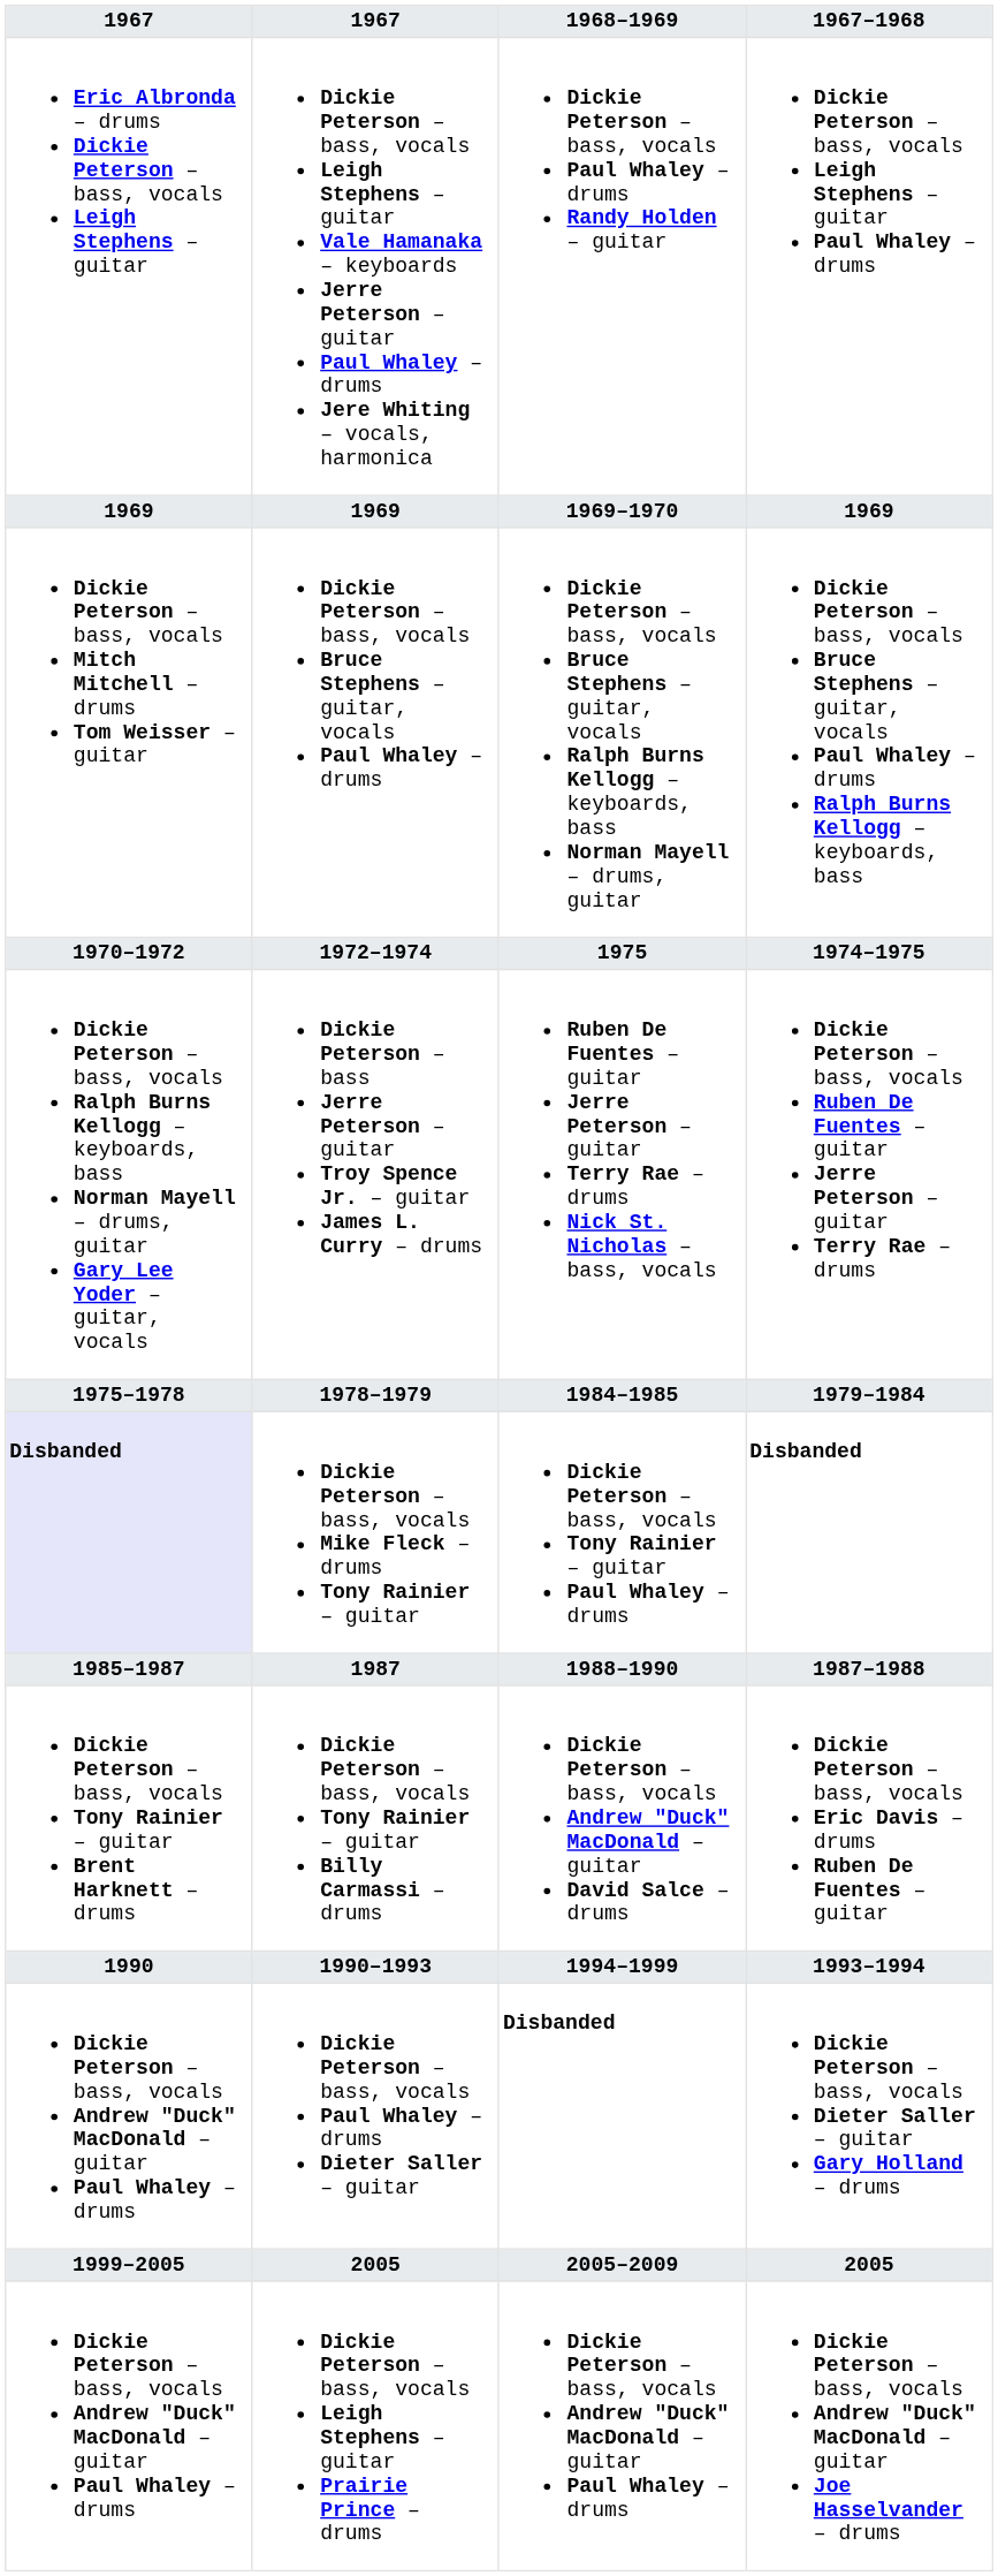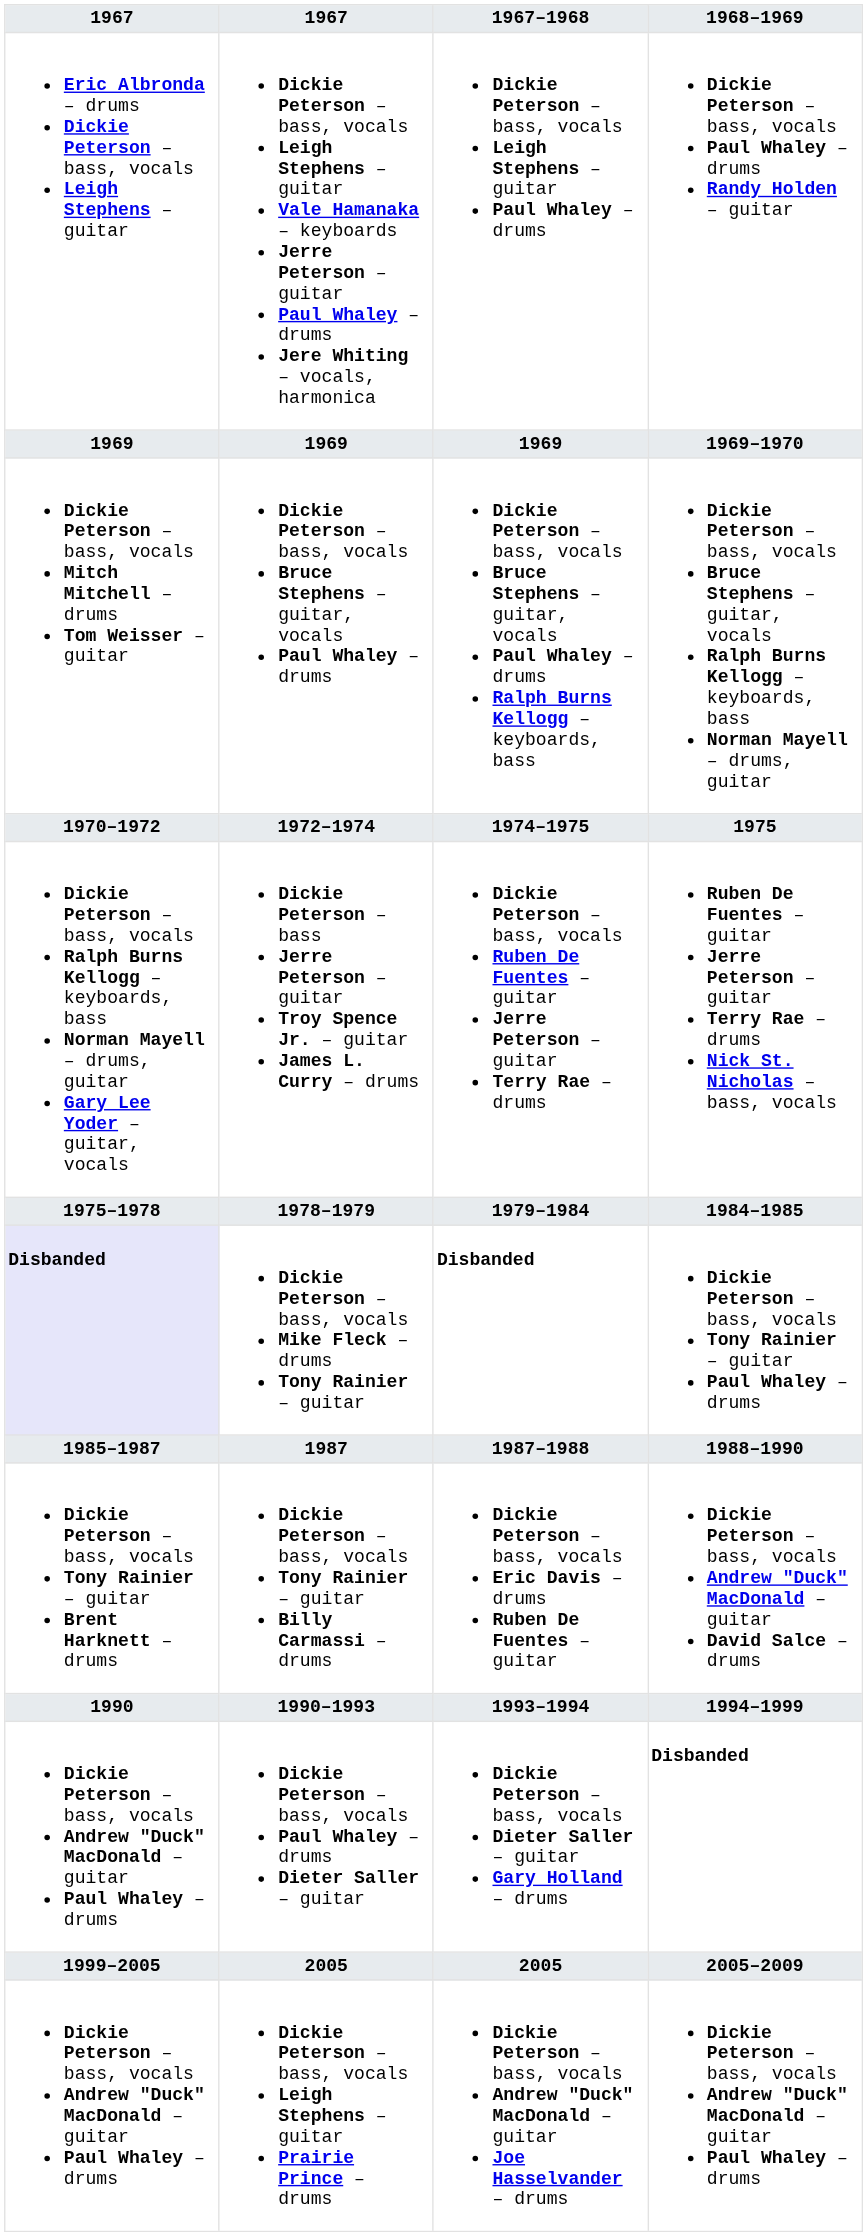 <table class="toccolours" border="1" cellpadding="2" cellspacing="0"  style="float:width:375px; margin:0 0 1em 1em; border-collapse:collapse; border:1px solid #e2e2e2; width:99%;">
 <tr>
 <th style="vertical-align:top; background:#e7ebee; width:25%;">1967</th>
 <th style="vertical-align:top; background:#e7ebee; width:25%;">1967</th>
+<th style="vertical-align:top; background:#e7ebee; width:25%;">1967–1968</th>
 <th style="vertical-align:top; background:#e7ebee; width:25%;">1968–1969</th>
-<th style="vertical-align:top; background:#e7ebee; width:25%;">1967–1968</th>
 </tr>
 <tr>
 <td valign=top><br><ul><li><strong><a href='#'>Eric Albronda</a></strong> – drums</li><li><strong><a href='#'>Dickie Peterson</a></strong> – bass, vocals</li><li><strong><a href='#'>Leigh Stephens</a></strong> – guitar</li></ul></td>
 <td valign=top><br><ul><li><strong>Dickie Peterson</strong> – bass, vocals</li><li><strong>Leigh Stephens</strong> – guitar</li><li><strong><a href='#'>Vale Hamanaka</a></strong> – keyboards</li><li><strong>Jerre Peterson</strong> – guitar</li><li><strong><a href='#'>Paul Whaley</a></strong> – drums</li><li><strong>Jere Whiting</strong> – vocals, harmonica</li></ul></td>
+<td valign=top><br><ul><li><strong>Dickie Peterson</strong> – bass, vocals</li><li><strong>Leigh Stephens</strong> – guitar</li><li><strong>Paul Whaley</strong> – drums</li></ul></td>
 <td valign=top><br><ul><li><strong>Dickie Peterson</strong> – bass, vocals</li><li><strong>Paul Whaley</strong> – drums</li><li><strong><a href='#'>Randy Holden</a></strong> – guitar</li></ul></td>
-<td valign=top><br><ul><li><strong>Dickie Peterson</strong> – bass, vocals</li><li><strong>Leigh Stephens</strong> – guitar</li><li><strong>Paul Whaley</strong> – drums</li></ul></td>
 </tr>
 <tr>
 <th style="vertical-align:top; background:#e7ebee; width:25%;">1969</th>
 <th style="vertical-align:top; background:#e7ebee; width:25%;">1969</th>
+<th style="vertical-align:top; background:#e7ebee; width:25%;">1969</th>
 <th style="vertical-align:top; background:#e7ebee; width:25%;">1969–1970</th>
-<th style="vertical-align:top; background:#e7ebee; width:25%;">1969</th>
 </tr>
 <tr>
 <td valign=top><br><ul><li><strong>Dickie Peterson</strong> – bass, vocals</li><li><strong>Mitch Mitchell</strong> – drums</li><li><strong>Tom Weisser</strong> – guitar</li></ul></td>
 <td valign=top><br><ul><li><strong>Dickie Peterson</strong> – bass, vocals</li><li><strong>Bruce Stephens</strong> – guitar, vocals</li><li><strong>Paul Whaley</strong> – drums</li></ul></td>
+<td valign=top><br><ul><li><strong>Dickie Peterson</strong> – bass, vocals</li><li><strong>Bruce Stephens</strong> – guitar, vocals</li><li><strong>Paul Whaley</strong> – drums</li><li><strong><a href='#'>Ralph Burns Kellogg</a></strong> – keyboards, bass</li></ul></td>
 <td valign=top><br><ul><li><strong>Dickie Peterson</strong> – bass, vocals</li><li><strong>Bruce Stephens</strong> – guitar, vocals</li><li><strong>Ralph Burns Kellogg</strong> – keyboards, bass</li><li><strong>Norman Mayell</strong> – drums, guitar</li></ul></td>
-<td valign=top><br><ul><li><strong>Dickie Peterson</strong> – bass, vocals</li><li><strong>Bruce Stephens</strong> – guitar, vocals</li><li><strong>Paul Whaley</strong> – drums</li><li><strong><a href='#'>Ralph Burns Kellogg</a></strong> – keyboards, bass</li></ul></td>
 </tr>
 <tr>
 <th style="vertical-align:top; background:#e7ebee; width:25%;">1970–1972</th>
 <th style="vertical-align:top; background:#e7ebee; width:25%;">1972–1974</th>
+<th style="vertical-align:top; background:#e7ebee; width:25%;">1974–1975</th>
 <th style="vertical-align:top; background:#e7ebee; width:25%;">1975</th>
-<th style="vertical-align:top; background:#e7ebee; width:25%;">1974–1975</th>
 </tr>
 <tr>
 <td valign=top><br><ul><li><strong>Dickie Peterson</strong> – bass, vocals</li><li><strong>Ralph Burns Kellogg</strong> – keyboards, bass</li><li><strong>Norman Mayell</strong> – drums, guitar</li><li><strong><a href='#'>Gary Lee Yoder</a></strong> – guitar, vocals</li></ul></td>
 <td valign=top><br><ul><li><strong>Dickie Peterson</strong> – bass</li><li><strong>Jerre Peterson</strong> – guitar</li><li><strong>Troy Spence Jr.</strong> – guitar</li><li><strong>James L. Curry</strong> – drums</li></ul></td>
+<td valign=top><br><ul><li><strong>Dickie Peterson</strong> – bass, vocals</li><li><strong><a href='#'>Ruben De Fuentes</a></strong> – guitar</li><li><strong>Jerre Peterson</strong> – guitar</li><li><strong>Terry Rae</strong> – drums</li></ul></td>
 <td valign=top><br><ul><li><strong>Ruben De Fuentes</strong> – guitar</li><li><strong>Jerre Peterson</strong> – guitar</li><li><strong>Terry Rae</strong> – drums</li><li><strong><a href='#'>Nick St. Nicholas</a></strong> – bass, vocals</li></ul></td>
-<td valign=top><br><ul><li><strong>Dickie Peterson</strong> – bass, vocals</li><li><strong><a href='#'>Ruben De Fuentes</a></strong> – guitar</li><li><strong>Jerre Peterson</strong> – guitar</li><li><strong>Terry Rae</strong> – drums</li></ul></td>
 </tr>
 <tr>
 <th style="vertical-align:top; background:#e7ebee; width:25%;">1975–1978</th>
 <th style="vertical-align:top; background:#e7ebee; width:25%;">1978–1979</th>
+<th style="vertical-align:top; background:#e7ebee; width:25%;">1979–1984</th>
 <th style="vertical-align:top; background:#e7ebee; width:25%;">1984–1985</th>
-<th style="vertical-align:top; background:#e7ebee; width:25%;">1979–1984</th>
 </tr>
 <tr>
 <td valign=top style="background: lavender;"><br><strong>Disbanded</strong></td>
 <td valign=top><br><ul><li><strong>Dickie Peterson</strong> – bass, vocals</li><li><strong>Mike Fleck</strong> – drums</li><li><strong>Tony Rainier</strong> – guitar</li></ul></td>
+<td valign=top><br><strong>Disbanded</strong></td>
 <td valign=top><br><ul><li><strong>Dickie Peterson</strong> – bass, vocals</li><li><strong>Tony Rainier</strong> – guitar</li><li><strong>Paul Whaley</strong> – drums</li></ul></td>
-<td valign=top><br><strong>Disbanded</strong></td>
 </tr>
 <tr>
 <th style="vertical-align:top; background:#e7ebee; width:25%;">1985–1987</th>
 <th style="vertical-align:top; background:#e7ebee; width:25%;">1987</th>
+<th style="vertical-align:top; background:#e7ebee; width:25%;">1987–1988</th>
 <th style="vertical-align:top; background:#e7ebee; width:25%;">1988–1990</th>
-<th style="vertical-align:top; background:#e7ebee; width:25%;">1987–1988</th>
 </tr>
 <tr>
 <td valign=top><br><ul><li><strong>Dickie Peterson</strong> – bass, vocals</li><li><strong>Tony Rainier</strong> – guitar</li><li><strong>Brent Harknett</strong> – drums</li></ul></td>
 <td valign=top><br><ul><li><strong>Dickie Peterson</strong> – bass, vocals</li><li><strong>Tony Rainier</strong> – guitar</li><li><strong>Billy Carmassi</strong> – drums</li></ul></td>
+<td valign=top><br><ul><li><strong>Dickie Peterson</strong> – bass, vocals</li><li><strong>Eric Davis</strong> – drums</li><li><strong>Ruben De Fuentes</strong> – guitar</li></ul></td>
 <td valign=top><br><ul><li><strong>Dickie Peterson</strong> – bass, vocals</li><li><strong><a href='#'>Andrew "Duck" MacDonald</a></strong> – guitar</li><li><strong>David Salce</strong> – drums</li></ul></td>
-<td valign=top><br><ul><li><strong>Dickie Peterson</strong> – bass, vocals</li><li><strong>Eric Davis</strong> – drums</li><li><strong>Ruben De Fuentes</strong> – guitar</li></ul></td>
 </tr>
 <tr>
 <th style="vertical-align:top; background:#e7ebee; width:25%;">1990</th>
 <th style="vertical-align:top; background:#e7ebee; width:25%;">1990–1993</th>
+<th style="vertical-align:top; background:#e7ebee; width:25%;">1993–1994</th>
 <th style="vertical-align:top; background:#e7ebee; width:25%;">1994–1999</th>
-<th style="vertical-align:top; background:#e7ebee; width:25%;">1993–1994</th>
 </tr>
 <tr>
 <td valign=top><br><ul><li><strong>Dickie Peterson</strong> – bass, vocals</li><li><strong>Andrew "Duck" MacDonald</strong> – guitar</li><li><strong>Paul Whaley</strong> – drums</li></ul></td>
 <td valign=top><br><ul><li><strong>Dickie Peterson</strong> – bass, vocals</li><li><strong>Paul Whaley</strong> – drums</li><li><strong>Dieter Saller</strong> – guitar</li></ul></td>
+<td valign=top><br><ul><li><strong>Dickie Peterson</strong> – bass, vocals</li><li><strong>Dieter Saller</strong> – guitar</li><li><strong><a href='#'>Gary Holland</a></strong> – drums</li></ul></td>
 <td valign=top><br><strong>Disbanded</strong></td>
-<td valign=top><br><ul><li><strong>Dickie Peterson</strong> – bass, vocals</li><li><strong>Dieter Saller</strong> – guitar</li><li><strong><a href='#'>Gary Holland</a></strong> – drums</li></ul></td>
 </tr>
 <tr>
 <th style="vertical-align:top; background:#e7ebee; width:25%;">1999–2005</th>
 <th style="vertical-align:top; background:#e7ebee; width:25%;">2005</th>
+<th style="vertical-align:top; background:#e7ebee; width:25%;">2005</th>
 <th style="vertical-align:top; background:#e7ebee; width:25%;">2005–2009</th>
-<th style="vertical-align:top; background:#e7ebee; width:25%;">2005</th>
 </tr>
 <tr>
 <td valign=top><br><ul><li><strong>Dickie Peterson</strong> – bass, vocals</li><li><strong>Andrew "Duck" MacDonald</strong> – guitar</li><li><strong>Paul Whaley</strong> – drums</li></ul></td>
 <td valign=top><br><ul><li><strong>Dickie Peterson</strong> – bass, vocals</li><li><strong>Leigh Stephens</strong> – guitar</li><li><strong><a href='#'>Prairie Prince</a></strong> – drums</li></ul></td>
+<td valign=top><br><ul><li><strong>Dickie Peterson</strong> – bass, vocals</li><li><strong>Andrew "Duck" MacDonald</strong> – guitar</li><li><strong><a href='#'>Joe Hasselvander</a></strong> – drums</li></ul></td>
 <td valign=top><br><ul><li><strong>Dickie Peterson</strong> – bass, vocals</li><li><strong>Andrew "Duck" MacDonald</strong> – guitar</li><li><strong>Paul Whaley</strong> – drums</li></ul></td>
-<td valign=top><br><ul><li><strong>Dickie Peterson</strong> – bass, vocals</li><li><strong>Andrew "Duck" MacDonald</strong> – guitar</li><li><strong><a href='#'>Joe Hasselvander</a></strong> – drums</li></ul></td>
 </tr>
 </table>
